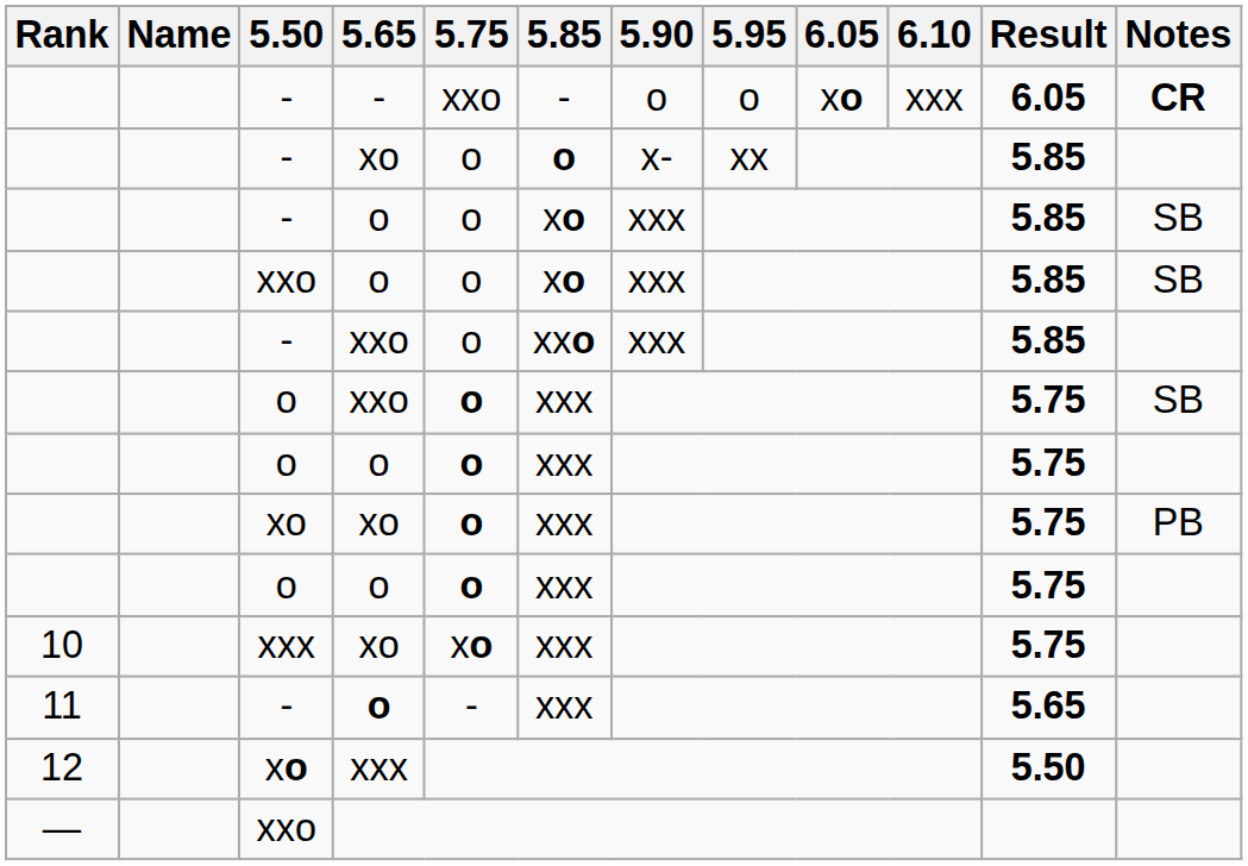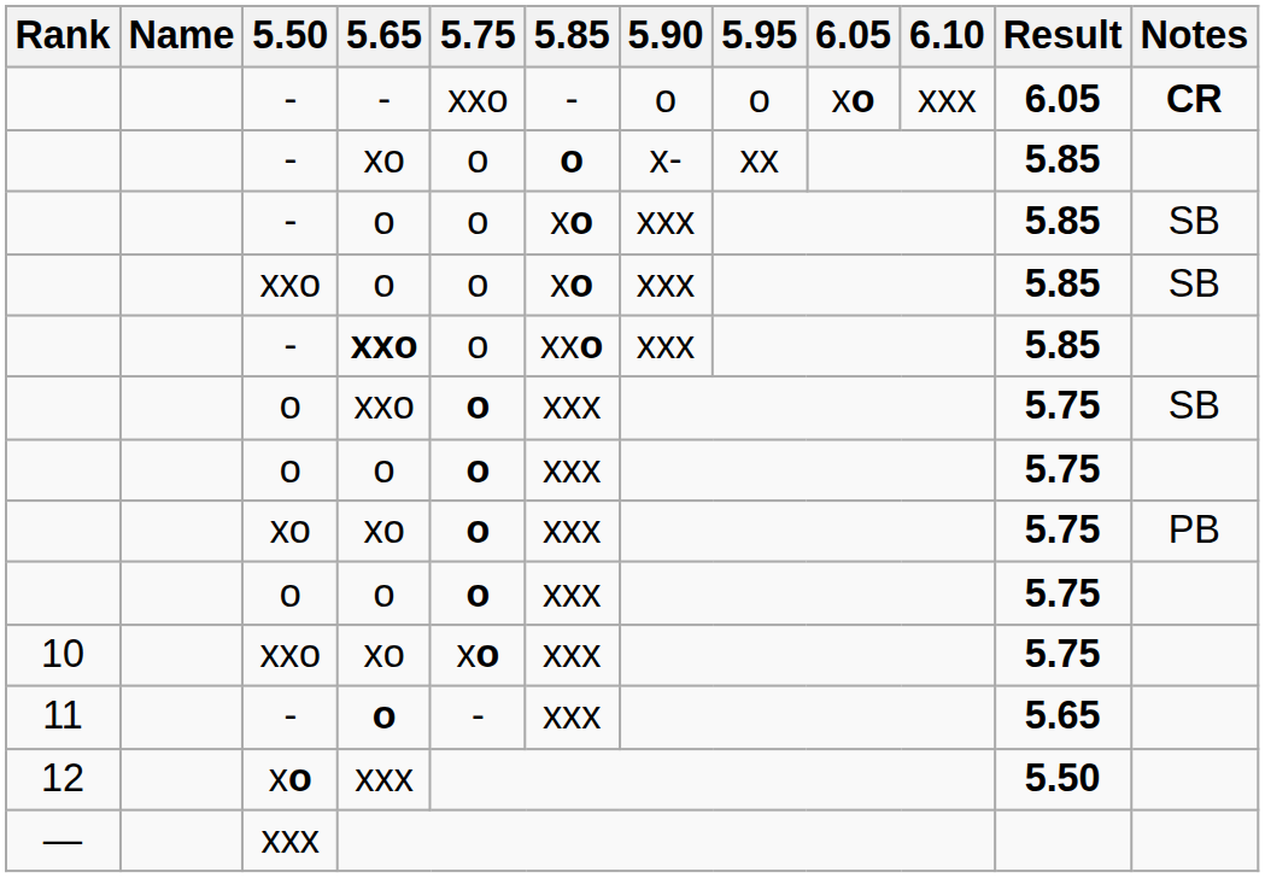 <table class="sortable wikitable">
 <tr>
 <th>Rank</th>
 <th>Name</th>
 <th>5.50</th>
 <th>5.65</th>
 <th>5.75</th>
 <th>5.85</th>
 <th>5.90</th>
 <th>5.95</th>
 <th>6.05</th>
 <th>6.10</th>
 <th>Result</th>
 <th>Notes</th>
 </tr>
 <tr align="center">
 <td></td>
 <td align="left"></td>
 <td>-</td>
 <td>-</td>
 <td>xxo</td>
 <td>-</td>
 <td>o</td>
 <td>o</td>
 <td>x<strong>o</strong></td>
 <td>xxx</td>
 <td><strong>6.05</strong></td>
 <td><strong>CR</strong></td>
 </tr>
 <tr align="center">
 <td></td>
 <td align="left"></td>
 <td>-</td>
 <td>xo</td>
 <td>o</td>
 <td><strong>o</strong></td>
 <td>x-</td>
 <td>xx</td>
 <td colspan="2"></td>
 <td><strong>5.85</strong></td>
 <td></td>
 </tr>
 <tr align="center">
 <td></td>
 <td align="left"></td>
 <td>-</td>
 <td>o</td>
 <td>o</td>
 <td>x<strong>o</strong></td>
 <td>xxx</td>
 <td colspan="3"></td>
 <td><strong>5.85</strong></td>
 <td>SB</td>
 </tr>
 <tr align="center">
 <td></td>
 <td align="left"></td>
 <td>xxo</td>
 <td>o</td>
 <td>o</td>
 <td>x<strong>o</strong></td>
 <td>xxx</td>
 <td colspan="3"></td>
 <td><strong>5.85</strong></td>
 <td>SB</td>
 </tr>
 <tr align="center">
 <td></td>
 <td align="left"></td>
 <td>-</td>
-<td>xxo</td>
+<td><strong>xxo</strong></td>
 <td>o</td>
 <td>xx<strong>o</strong></td>
 <td>xxx</td>
 <td colspan="3"></td>
 <td><strong>5.85</strong></td>
 <td></td>
 </tr>
 <tr align="center">
 <td></td>
 <td align="left"></td>
 <td>o</td>
 <td>xxo</td>
 <td><strong>o</strong></td>
 <td>xxx</td>
 <td colspan="4"></td>
 <td><strong>5.75</strong></td>
 <td>SB</td>
 </tr>
 <tr align="center">
 <td></td>
 <td align="left"></td>
 <td>o</td>
 <td>o</td>
 <td><strong>o</strong></td>
 <td>xxx</td>
 <td colspan="4"></td>
 <td><strong>5.75</strong></td>
 <td></td>
 </tr>
 <tr align="center">
 <td></td>
 <td align="left"></td>
 <td>xo</td>
 <td>xo</td>
 <td><strong>o</strong></td>
 <td>xxx</td>
 <td colspan="4"></td>
 <td><strong>5.75</strong></td>
 <td>PB</td>
 </tr>
 <tr align="center">
 <td></td>
 <td align="left"></td>
 <td>o</td>
 <td>o</td>
 <td><strong>o</strong></td>
 <td>xxx</td>
 <td colspan="4"></td>
 <td><strong>5.75</strong></td>
 <td></td>
 </tr>
 <tr align="center">
 <td>10</td>
 <td align="left"></td>
-<td>xxx</td>
+<td>xxo</td>
 <td>xo</td>
 <td>x<strong>o</strong></td>
 <td>xxx</td>
 <td colspan="4"></td>
 <td><strong>5.75</strong></td>
 <td></td>
 </tr>
 <tr align="center">
 <td>11</td>
 <td align="left"></td>
 <td>-</td>
 <td><strong>o</strong></td>
 <td>-</td>
 <td>xxx</td>
 <td colspan="4"></td>
 <td><strong>5.65</strong></td>
 <td></td>
 </tr>
 <tr align="center">
 <td>12</td>
 <td align="left"></td>
 <td>x<strong>o</strong></td>
 <td>xxx</td>
 <td colspan="6"></td>
 <td><strong>5.50</strong></td>
 <td></td>
 </tr>
 <tr align="center">
 <td>—</td>
 <td align="left"></td>
-<td>xxo</td>
+<td>xxx</td>
 <td colspan="7"></td>
 <td><strong></strong></td>
 <td></td>
 </tr>
 </table>
